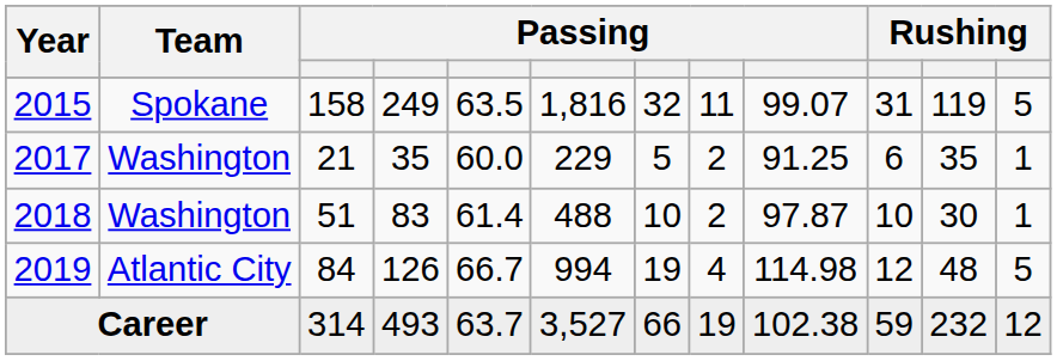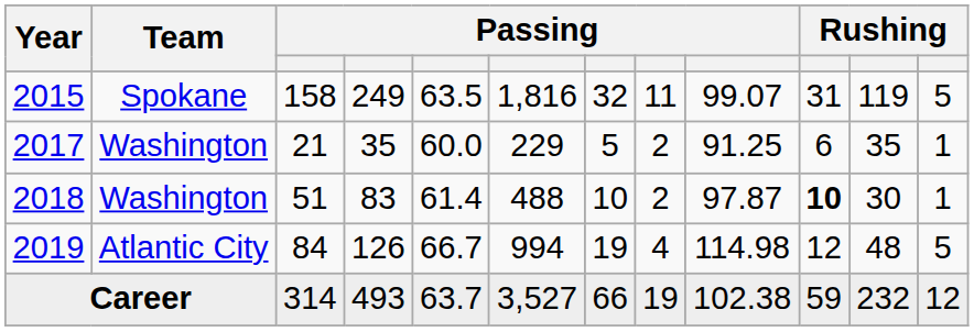 <table class="wikitable sortable" style="text-align:center">
 <tr>
 <th rowspan=2>Year</th>
 <th rowspan=2>Team</th>
 <th colspan=7>Passing</th>
 <th colspan=3>Rushing</th>
 </tr>
 <tr>
 <th></th>
 <th></th>
 <th></th>
 <th></th>
 <th></th>
 <th></th>
 <th></th>
 <th></th>
 <th></th>
 <th></th>
 </tr>
 <tr>
 <td><a href='#'>2015</a></td>
 <td><a href='#'>Spokane</a></td>
 <td>158</td>
 <td>249</td>
 <td>63.5</td>
 <td>1,816</td>
 <td>32</td>
 <td>11</td>
 <td>99.07</td>
 <td>31</td>
 <td>119</td>
 <td>5</td>
 </tr>
 <tr>
 <td><a href='#'>2017</a></td>
 <td><a href='#'>Washington</a></td>
 <td>21</td>
 <td>35</td>
 <td>60.0</td>
 <td>229</td>
 <td>5</td>
 <td>2</td>
 <td>91.25</td>
 <td>6</td>
 <td>35</td>
 <td>1</td>
 </tr>
 <tr>
 <td><a href='#'>2018</a></td>
 <td><a href='#'>Washington</a></td>
 <td>51</td>
 <td>83</td>
 <td>61.4</td>
 <td>488</td>
 <td>10</td>
 <td>2</td>
 <td>97.87</td>
-<td>10</td>
+<td><strong>10</strong></td>
 <td>30</td>
 <td>1</td>
 </tr>
 <tr>
 <td><a href='#'>2019</a></td>
 <td><a href='#'>Atlantic City</a></td>
 <td>84</td>
 <td>126</td>
 <td>66.7</td>
 <td>994</td>
 <td>19</td>
 <td>4</td>
 <td>114.98</td>
 <td>12</td>
 <td>48</td>
 <td>5</td>
 </tr>
 <tr class="sortbottom" style="background:#eee;">
 <td colspan=2><strong>Career</strong></td>
 <td>314</td>
 <td>493</td>
 <td>63.7</td>
 <td>3,527</td>
 <td>66</td>
 <td>19</td>
 <td>102.38</td>
 <td>59</td>
 <td>232</td>
 <td>12</td>
 </tr>
 </table>
